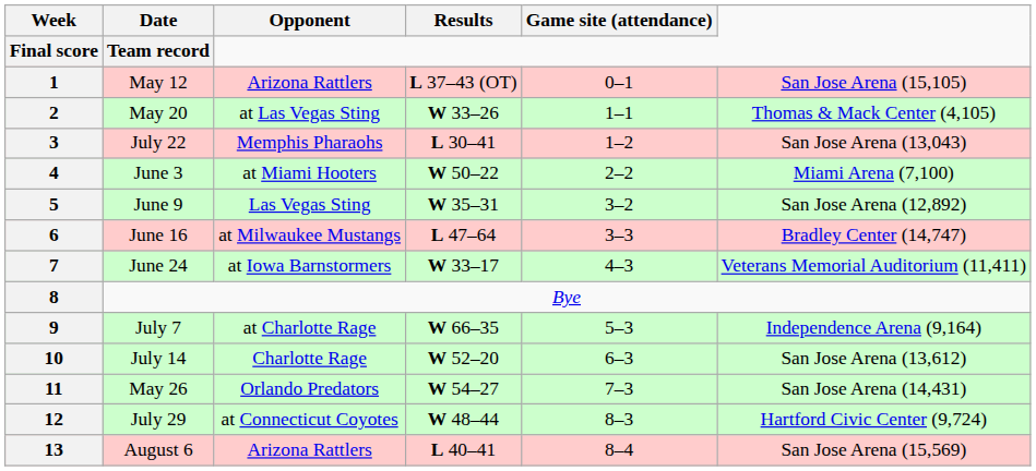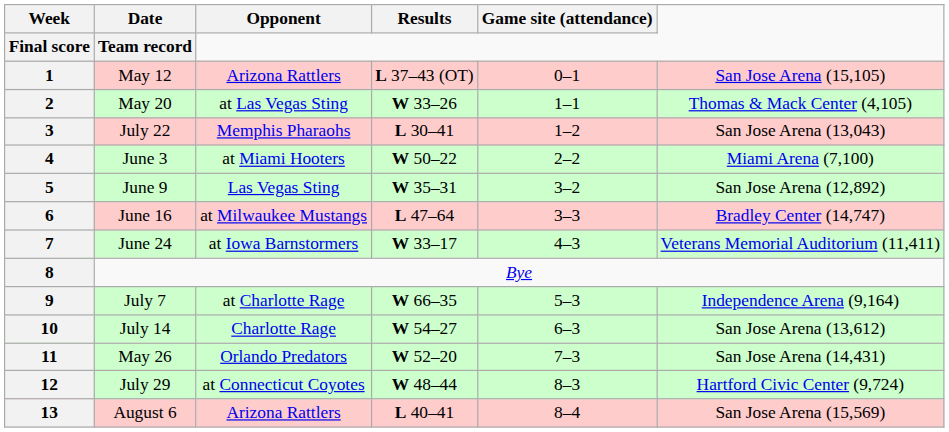 <table class="wikitable" style="font-size: 92%;" "align=center">
 <tr>
 <th>Week</th>
 <th>Date</th>
 <th>Opponent</th>
 <th>Results</th>
 <th>Game site (attendance)</th>
 </tr>
 <tr>
 <th>Final score</th>
 <th>Team record</th>
 </tr>
 <tr style="background:#fcc">
 <th>1</th>
 <td style="text-align:center;">May 12</td>
 <td style="text-align:center;"><a href='#'>Arizona Rattlers</a></td>
 <td style="text-align:center;"><strong>L</strong> 37–43 (OT)</td>
 <td style="text-align:center;">0–1</td>
 <td style="text-align:center;"><a href='#'>San Jose Arena</a> (15,105)</td>
 </tr>
 <tr style="background:#cfc">
 <th>2</th>
 <td style="text-align:center;">May 20</td>
 <td style="text-align:center;">at <a href='#'>Las Vegas Sting</a></td>
 <td style="text-align:center;"><strong>W</strong> 33–26</td>
 <td style="text-align:center;">1–1</td>
 <td style="text-align:center;"><a href='#'>Thomas & Mack Center</a> (4,105)</td>
 </tr>
 <tr style="background:#fcc">
 <th>3</th>
 <td style="text-align:center;">July 22</td>
 <td style="text-align:center;"><a href='#'>Memphis Pharaohs</a></td>
 <td style="text-align:center;"><strong>L</strong> 30–41</td>
 <td style="text-align:center;">1–2</td>
 <td style="text-align:center;">San Jose Arena (13,043)</td>
 </tr>
 <tr style="background:#cfc">
 <th>4</th>
 <td style="text-align:center;">June 3</td>
 <td style="text-align:center;">at <a href='#'>Miami Hooters</a></td>
 <td style="text-align:center;"><strong>W</strong> 50–22</td>
 <td style="text-align:center;">2–2</td>
 <td style="text-align:center;"><a href='#'>Miami Arena</a> (7,100)</td>
 </tr>
 <tr style="background:#cfc">
 <th>5</th>
 <td style="text-align:center;">June 9</td>
 <td style="text-align:center;"><a href='#'>Las Vegas Sting</a></td>
 <td style="text-align:center;"><strong>W</strong> 35–31</td>
 <td style="text-align:center;">3–2</td>
 <td style="text-align:center;">San Jose Arena (12,892)</td>
 </tr>
 <tr style="background:#fcc">
 <th>6</th>
 <td style="text-align:center;">June 16</td>
 <td style="text-align:center;">at <a href='#'>Milwaukee Mustangs</a></td>
 <td style="text-align:center;"><strong>L</strong> 47–64</td>
 <td style="text-align:center;">3–3</td>
 <td style="text-align:center;"><a href='#'>Bradley Center</a> (14,747)</td>
 </tr>
 <tr style="background:#cfc">
 <th>7</th>
 <td style="text-align:center;">June 24</td>
 <td style="text-align:center;">at <a href='#'>Iowa Barnstormers</a></td>
 <td style="text-align:center;"><strong>W</strong> 33–17</td>
 <td style="text-align:center;">4–3</td>
 <td style="text-align:center;"><a href='#'>Veterans Memorial Auditorium</a> (11,411)</td>
 </tr>
 <tr style=>
 <th>8</th>
 <td colspan="8" style="text-align:center;"><em><a href='#'>Bye</a></em></td>
 </tr>
 <tr style="background:#cfc">
 <th>9</th>
 <td style="text-align:center;">July 7</td>
 <td style="text-align:center;">at <a href='#'>Charlotte Rage</a></td>
 <td style="text-align:center;"><strong>W</strong> 66–35</td>
 <td style="text-align:center;">5–3</td>
 <td style="text-align:center;"><a href='#'>Independence Arena</a> (9,164)</td>
 </tr>
 <tr style="background:#cfc">
 <th>10</th>
 <td style="text-align:center;">July 14</td>
 <td style="text-align:center;"><a href='#'>Charlotte Rage</a></td>
-<td style="text-align:center;"><strong>W</strong> 52–20</td>
+<td style="text-align:center;"><strong>W</strong> 54–27</td>
 <td style="text-align:center;">6–3</td>
 <td style="text-align:center;">San Jose Arena (13,612)</td>
 </tr>
 <tr style="background:#cfc">
 <th>11</th>
 <td style="text-align:center;">May 26</td>
 <td style="text-align:center;"><a href='#'>Orlando Predators</a></td>
-<td style="text-align:center;"><strong>W</strong> 54–27</td>
+<td style="text-align:center;"><strong>W</strong> 52–20</td>
 <td style="text-align:center;">7–3</td>
 <td style="text-align:center;">San Jose Arena (14,431)</td>
 </tr>
 <tr style="background:#cfc">
 <th>12</th>
 <td style="text-align:center;">July 29</td>
 <td style="text-align:center;">at <a href='#'>Connecticut Coyotes</a></td>
 <td style="text-align:center;"><strong>W</strong> 48–44</td>
 <td style="text-align:center;">8–3</td>
 <td style="text-align:center;"><a href='#'>Hartford Civic Center</a> (9,724)</td>
 </tr>
 <tr style="background:#fcc">
 <th>13</th>
 <td style="text-align:center;">August 6</td>
 <td style="text-align:center;"><a href='#'>Arizona Rattlers</a></td>
 <td style="text-align:center;"><strong>L</strong> 40–41</td>
 <td style="text-align:center;">8–4</td>
 <td style="text-align:center;">San Jose Arena (15,569)</td>
 </tr>
 </table>
